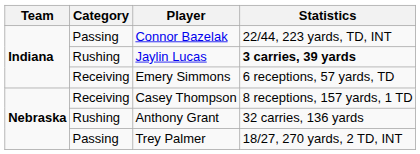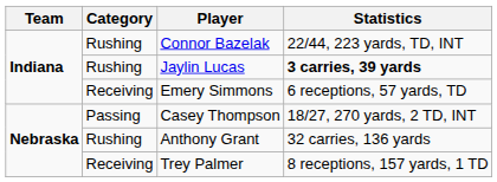 <table class="wikitable" style="float: right;">
 <tr>
 <th>Team</th>
 <th>Category</th>
 <th>Player</th>
 <th>Statistics</th>
 </tr>
 <tr>
 <td rowspan=3><strong>Indiana</strong></td>
-<td>Passing</td>
+<td>Rushing</td>
 <td><a href='#'>Connor Bazelak</a></td>
 <td>22/44, 223 yards, TD, INT</td>
 </tr>
 <tr>
 <td>Rushing</td>
 <td><a href='#'>Jaylin Lucas</a></td>
 <td><strong>3 carries, 39 yards</strong></td>
 </tr>
 <tr>
 <td>Receiving</td>
 <td>Emery Simmons</td>
 <td>6 receptions, 57 yards, TD</td>
 </tr>
 <tr>
 <td rowspan=3><strong>Nebraska</strong></td>
-<td>Receiving</td>
+<td>Passing</td>
 <td>Casey Thompson</td>
-<td>8 receptions, 157 yards, 1 TD</td>
+<td>18/27, 270 yards, 2 TD, INT</td>
 </tr>
 <tr>
 <td>Rushing</td>
 <td>Anthony Grant</td>
 <td>32 carries, 136 yards</td>
 </tr>
 <tr>
-<td>Passing</td>
+<td>Receiving</td>
 <td>Trey Palmer</td>
-<td>18/27, 270 yards, 2 TD, INT</td>
+<td>8 receptions, 157 yards, 1 TD</td>
 </tr>
 </table>
